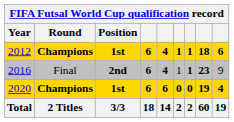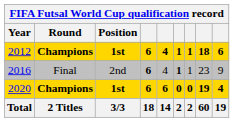 <table class="wikitable" style="text-align: center;font-size:90%;">
 <tr>
 <th colspan=10><a href='#'>FIFA Futsal World Cup qualification</a> record</th>
 </tr>
 <tr>
 <th>Year</th>
 <th>Round</th>
 <th>Position</th>
 <th></th>
 <th></th>
 <th></th>
 <th></th>
 <th></th>
 <th></th>
 </tr>
 <tr bgcolor=gold>
 <td> <a href='#'>2012</a></td>
 <td><strong>Champions</strong></td>
 <td><strong>1st</strong></td>
 <td><strong>6</strong></td>
 <td><strong>4</strong></td>
 <td><strong>1</strong></td>
 <td><strong>1</strong></td>
 <td><strong>18</strong></td>
 <td><strong>6</strong></td>
 </tr>
 <tr bgcolor=silver>
 <td> <a href='#'>2016</a></td>
 <td>Final</td>
-<td><strong>2nd</strong></td>
+<td>2nd</td>
 <td><strong>6</strong></td>
-<td><strong>4</strong></td>
+<td>4</td>
+<td><strong>1</strong></td>
 <td>1</td>
-<td><strong>1</strong></td>
-<td><strong>23</strong></td>
+<td>23</td>
 <td>9</td>
 </tr>
 <tr bgcolor=gold>
 <td> <a href='#'>2020</a></td>
 <td><strong>Champions</strong></td>
 <td><strong>1st</strong></td>
 <td><strong>6</strong></td>
 <td><strong>6</strong></td>
 <td><strong>0</strong></td>
 <td><strong>0</strong></td>
 <td><strong>19</strong></td>
 <td><strong>4</strong></td>
 </tr>
 <tr>
 <th><strong>Total</strong></th>
 <th><strong>2 Titles</strong></th>
 <th>3/3</th>
 <th>18</th>
 <th>14</th>
 <th>2</th>
 <th>2</th>
 <th>60</th>
 <th>19</th>
 </tr>
 </table>
